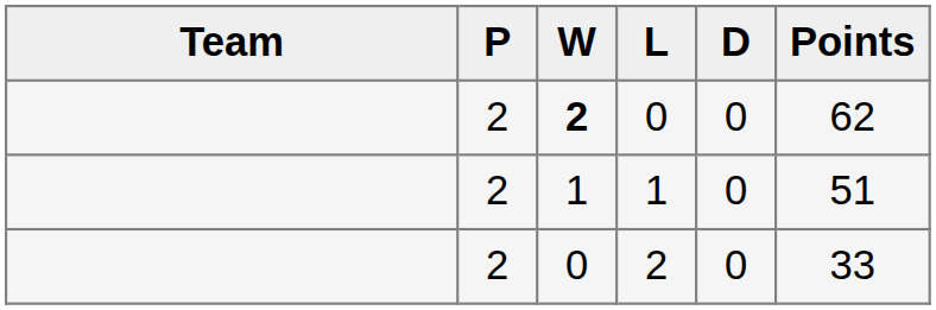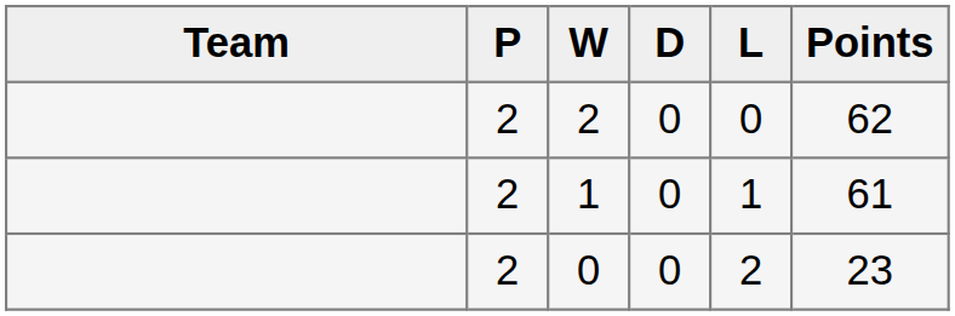 <table style=border-collapse:collapse border=1 cellspacing=0 cellpadding=5>
 <tr align=center bgcolor=#efefef>
 <th width=165>Team</th>
 <th width=20>P</th>
 <th width=20>W</th>
+<th width=20>D</th>
 <th width=20>L</th>
-<th width=20>D</th>
 <th width=20>Points</th>
 </tr>
 <tr align=center style="background:#f5f5f5;">
 <td style="text-align:left;"></td>
 <td>2</td>
-<td><strong>2</strong></td>
+<td>2</td>
 <td>0</td>
 <td>0</td>
 <td>62</td>
 </tr>
 <tr align=center style="background:#f5f5f5;">
 <td style="text-align:left;"></td>
 <td>2</td>
 <td>1</td>
+<td>0</td>
 <td>1</td>
-<td>0</td>
-<td>51</td>
+<td>61</td>
 </tr>
 <tr align=center style="background:#f5f5f5;">
 <td style="text-align:left;"></td>
 <td>2</td>
 <td>0</td>
+<td>0</td>
 <td>2</td>
-<td>0</td>
-<td>33</td>
+<td>23</td>
 </tr>
 </table>
